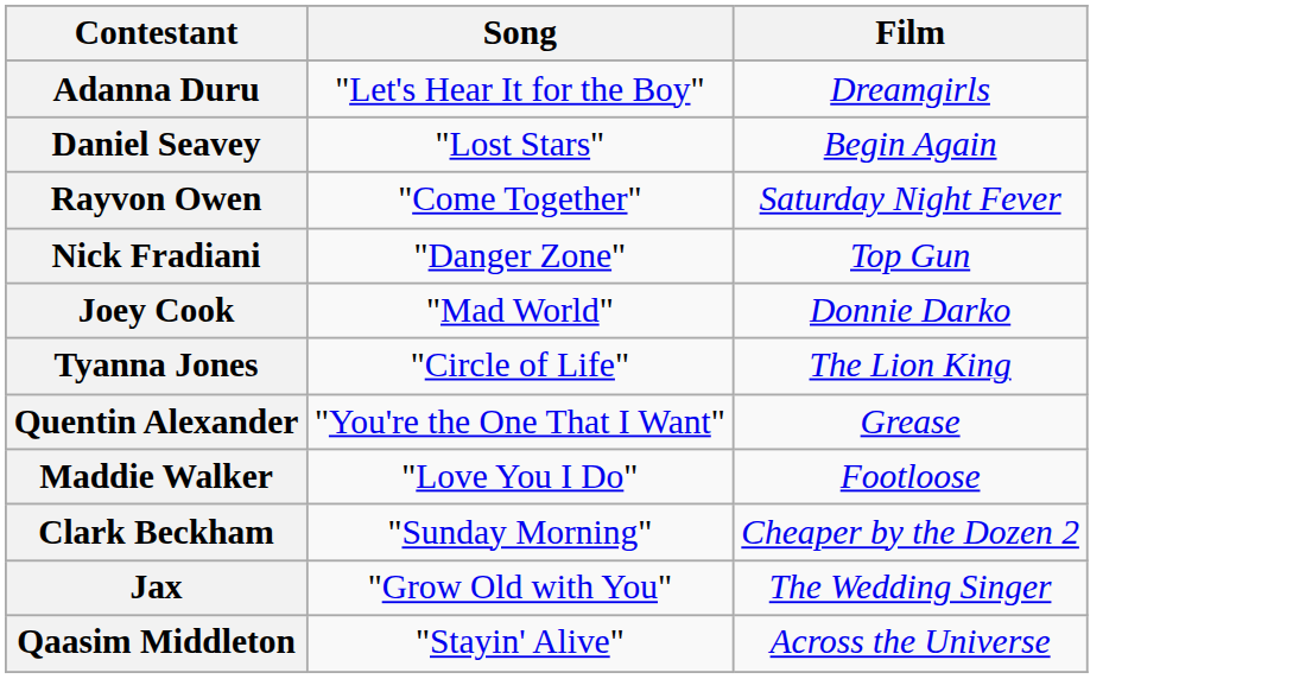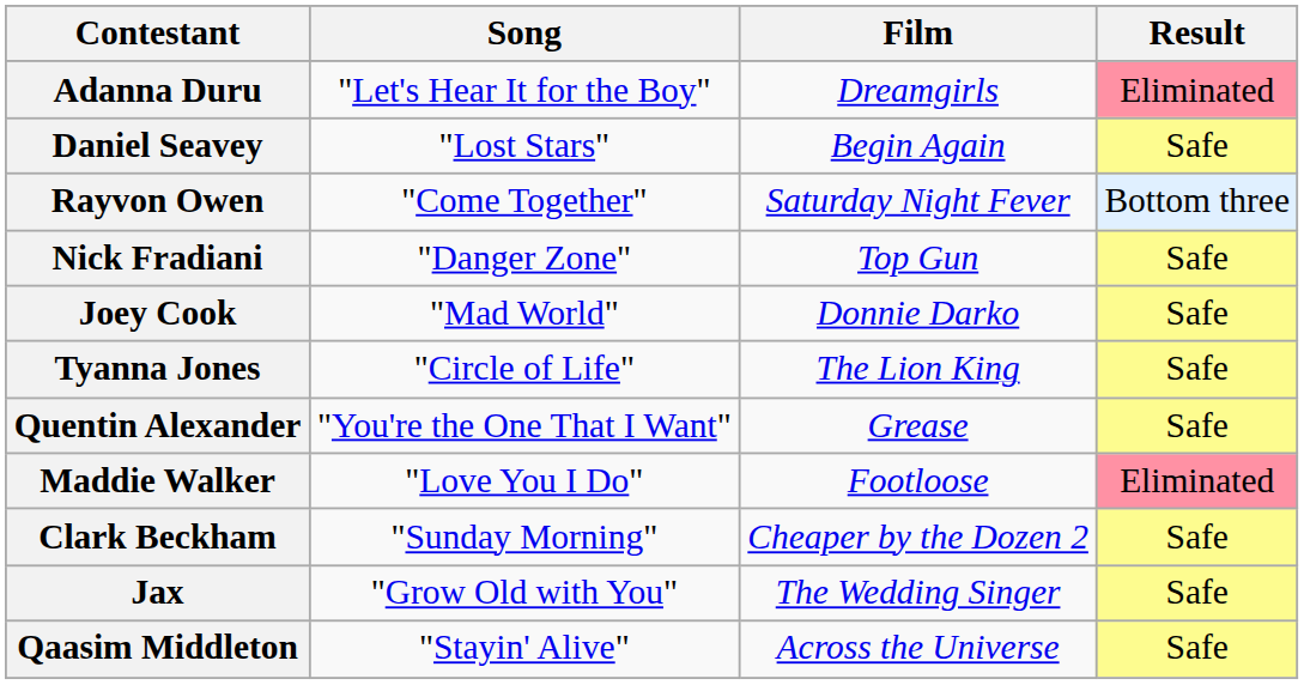 <table class="wikitable unsortable" style="text-align:center;">
 <tr>
 <th scope="col">Contestant</th>
 <th scope="col">Song</th>
 <th scope="col">Film</th>
+<th scope="col">Result</th>
 </tr>
 <tr>
 <th scope="row">Adanna Duru</th>
 <td>"<a href='#'>Let's Hear It for the Boy</a>"</td>
 <td><em><a href='#'>Dreamgirls</a></em></td>
+<td bgcolor="FF91A4">Eliminated</td>
 </tr>
 <tr>
 <th scope="row">Daniel Seavey</th>
 <td>"<a href='#'>Lost Stars</a>"</td>
 <td><em><a href='#'>Begin Again</a></em></td>
+<td style="background:#FDFC8F">Safe</td>
 </tr>
 <tr>
 <th scope="row">Rayvon Owen</th>
 <td>"<a href='#'>Come Together</a>"</td>
 <td><em><a href='#'>Saturday Night Fever</a></em></td>
+<td bgcolor="E0F0FF">Bottom three</td>
 </tr>
 <tr>
 <th scope="row">Nick Fradiani</th>
 <td>"<a href='#'>Danger Zone</a>"</td>
 <td><em><a href='#'>Top Gun</a></em></td>
+<td style="background:#FDFC8F">Safe</td>
 </tr>
 <tr>
 <th scope="row">Joey Cook</th>
 <td>"<a href='#'>Mad World</a>"</td>
 <td><em><a href='#'>Donnie Darko</a></em></td>
+<td style="background:#FDFC8F">Safe</td>
 </tr>
 <tr>
 <th scope="row">Tyanna Jones</th>
 <td>"<a href='#'>Circle of Life</a>"</td>
 <td><em><a href='#'>The Lion King</a></em></td>
+<td style="background:#FDFC8F">Safe</td>
 </tr>
 <tr>
 <th scope="row">Quentin Alexander</th>
 <td>"<a href='#'>You're the One That I Want</a>"</td>
 <td><em><a href='#'>Grease</a></em></td>
+<td style="background:#FDFC8F">Safe</td>
 </tr>
 <tr>
 <th scope="row">Maddie Walker</th>
 <td>"<a href='#'>Love You I Do</a>"</td>
 <td><em><a href='#'>Footloose</a></em></td>
+<td bgcolor="FF91A4">Eliminated</td>
 </tr>
 <tr>
 <th scope="row">Clark Beckham</th>
 <td>"<a href='#'>Sunday Morning</a>"</td>
 <td><em><a href='#'>Cheaper by the Dozen 2</a></em></td>
+<td style="background:#FDFC8F">Safe</td>
 </tr>
 <tr>
 <th scope="row">Jax</th>
 <td>"<a href='#'>Grow Old with You</a>"</td>
 <td><em><a href='#'>The Wedding Singer</a></em></td>
+<td style="background:#FDFC8F">Safe</td>
 </tr>
 <tr>
 <th scope="row">Qaasim Middleton</th>
 <td>"<a href='#'>Stayin' Alive</a>"</td>
 <td><em><a href='#'>Across the Universe</a></em></td>
+<td style="background:#FDFC8F">Safe</td>
 </tr>
 </table>
